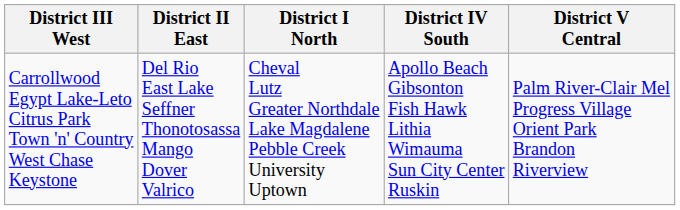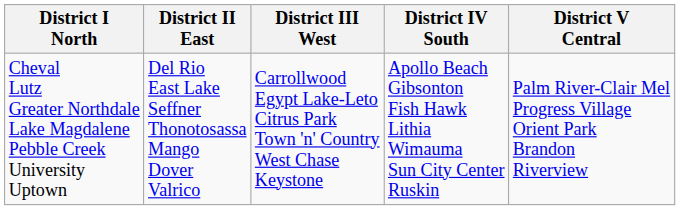 <table class="wikitable">
 <tr>
+<th>District I<br>North</th>
+<th>District II<br>East</th>
 <th>District III<br>West</th>
-<th>District II<br>East</th>
-<th>District I<br>North</th>
 <th>District IV<br>South</th>
 <th>District V<br>Central</th>
 </tr>
 <tr>
+<td><a href='#'>Cheval</a><br><a href='#'>Lutz</a><br><a href='#'>Greater Northdale</a><br><a href='#'>Lake Magdalene</a><br><a href='#'>Pebble Creek</a><br>University<br>Uptown</td>
+<td><a href='#'>Del Rio</a><br><a href='#'>East Lake</a><br><a href='#'>Seffner</a><br><a href='#'>Thonotosassa</a><br><a href='#'>Mango</a><br><a href='#'>Dover</a><br><a href='#'>Valrico</a></td>
 <td><a href='#'>Carrollwood</a><br><a href='#'>Egypt Lake-Leto</a><br><a href='#'>Citrus Park</a><br><a href='#'>Town 'n' Country</a><br><a href='#'>West Chase</a><br><a href='#'>Keystone</a></td>
-<td><a href='#'>Del Rio</a><br><a href='#'>East Lake</a><br><a href='#'>Seffner</a><br><a href='#'>Thonotosassa</a><br><a href='#'>Mango</a><br><a href='#'>Dover</a><br><a href='#'>Valrico</a></td>
-<td><a href='#'>Cheval</a><br><a href='#'>Lutz</a><br><a href='#'>Greater Northdale</a><br><a href='#'>Lake Magdalene</a><br><a href='#'>Pebble Creek</a><br>University<br>Uptown</td>
 <td><a href='#'>Apollo Beach</a><br><a href='#'>Gibsonton</a><br><a href='#'>Fish Hawk</a><br><a href='#'>Lithia</a><br><a href='#'>Wimauma</a><br><a href='#'>Sun City Center</a><br><a href='#'>Ruskin</a></td>
 <td><a href='#'>Palm River-Clair Mel</a><br><a href='#'>Progress Village</a><br><a href='#'>Orient Park</a><br><a href='#'>Brandon</a><br><a href='#'>Riverview</a></td>
 </tr>
 </table>
